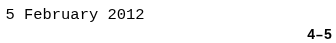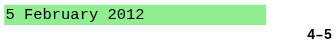 <table width=100% cellspacing=1>
 <tr>
 <th width=25%></th>
 <th width=10%></th>
 <th></th>
 </tr>
 <tr>
-<td>5 February 2012</td>
+<td style="background: lightgreen;">5 February 2012</td>
 </tr>
 <tr style=font-size:90%>
 <td align=right><strong></strong></td>
 <td align=center><strong>4–5</strong></td>
 <td><strong></strong></td>
 </tr>
 </table>
